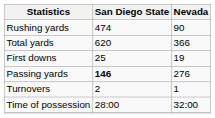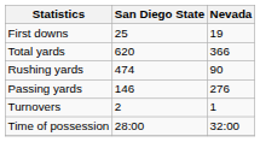 <table class="wikitable">
 <tr>
 <th>Statistics</th>
 <th>San Diego State</th>
 <th>Nevada</th>
 </tr>
 <tr>
-<td>Rushing yards</td>
-<td>474</td>
-<td>90</td>
+<td>First downs</td>
+<td>25</td>
+<td>19</td>
 </tr>
 <tr>
 <td>Total yards</td>
 <td>620</td>
 <td>366</td>
 </tr>
 <tr>
-<td>First downs</td>
-<td>25</td>
-<td>19</td>
+<td>Rushing yards</td>
+<td>474</td>
+<td>90</td>
 </tr>
 <tr>
 <td>Passing yards</td>
-<td><strong>146</strong></td>
+<td>146</td>
 <td>276</td>
 </tr>
 <tr>
 <td>Turnovers</td>
 <td>2</td>
 <td>1</td>
 </tr>
 <tr>
 <td>Time of possession</td>
 <td>28:00</td>
 <td>32:00</td>
 </tr>
 <tr>
 </tr>
 </table>
